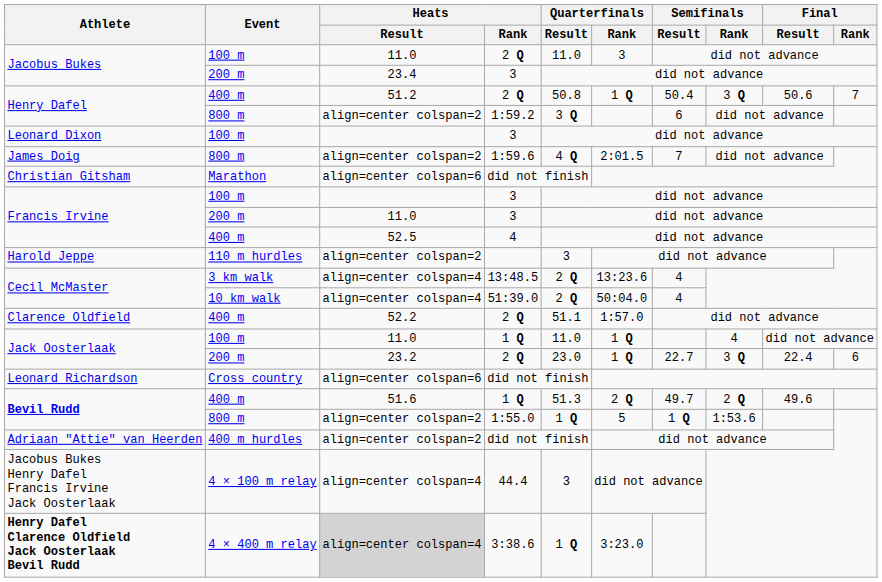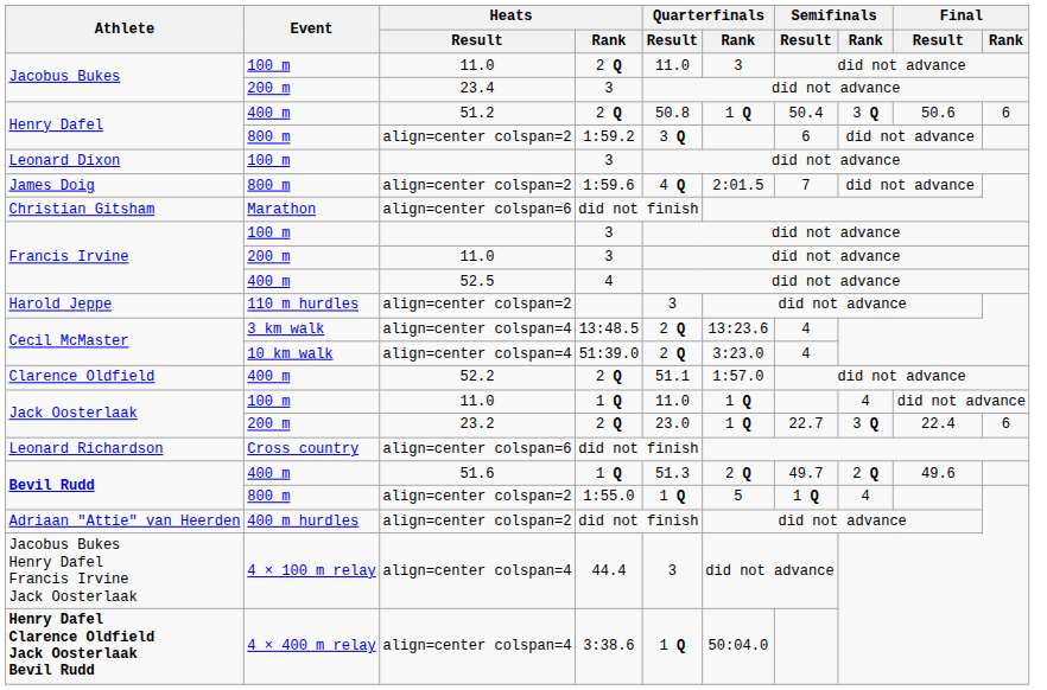 <table class=wikitable style="font-size:90%">
 <tr>
 <th rowspan=2>Athlete</th>
 <th rowspan=2>Event</th>
 <th colspan=2>Heats</th>
 <th colspan=2>Quarterfinals</th>
 <th colspan=2>Semifinals</th>
 <th colspan=2>Final</th>
 </tr>
 <tr>
 <th>Result</th>
 <th>Rank</th>
 <th>Result</th>
 <th>Rank</th>
 <th>Result</th>
 <th>Rank</th>
 <th>Result</th>
 <th>Rank</th>
 </tr>
 <tr>
 <td rowspan=2><a href='#'>Jacobus Bukes</a></td>
 <td><a href='#'>100 m</a></td>
 <td align=center>11.0</td>
 <td align=center>2 <strong>Q</strong></td>
 <td align=center>11.0</td>
 <td align=center>3</td>
 <td align=center colspan=4>did not advance</td>
 </tr>
 <tr>
 <td><a href='#'>200 m</a></td>
 <td align=center>23.4</td>
 <td align=center>3</td>
 <td align=center colspan=6>did not advance</td>
 </tr>
 <tr>
 <td rowspan=2><a href='#'>Henry Dafel</a></td>
 <td><a href='#'>400 m</a></td>
 <td align=center>51.2</td>
 <td align=center>2 <strong>Q</strong></td>
 <td align=center>50.8</td>
 <td align=center>1 <strong>Q</strong></td>
 <td align=center>50.4</td>
 <td align=center>3 <strong>Q</strong></td>
 <td align=center>50.6</td>
-<td align=center>7</td>
+<td align=center>6</td>
 </tr>
 <tr>
 <td><a href='#'>800 m</a></td>
 <td>align=center colspan=2 </td>
 <td align=center>1:59.2</td>
 <td align=center>3 <strong>Q</strong></td>
 <td align=center></td>
 <td align=center>6</td>
 <td align=center colspan=2>did not advance</td>
 </tr>
 <tr>
 <td><a href='#'>Leonard Dixon</a></td>
 <td><a href='#'>100 m</a></td>
 <td align=center></td>
 <td align=center>3</td>
 <td align=center colspan=6>did not advance</td>
 </tr>
 <tr>
 <td><a href='#'>James Doig</a></td>
 <td><a href='#'>800 m</a></td>
 <td>align=center colspan=2 </td>
 <td align=center>1:59.6</td>
 <td align=center>4 <strong>Q</strong></td>
 <td align=center>2:01.5</td>
 <td align=center>7</td>
 <td align=center colspan=2>did not advance</td>
 </tr>
 <tr>
 <td><a href='#'>Christian Gitsham</a></td>
 <td><a href='#'>Marathon</a></td>
 <td>align=center colspan=6 </td>
 <td align=center colspan=2>did not finish</td>
 </tr>
 <tr>
 <td rowspan=3><a href='#'>Francis Irvine</a></td>
 <td><a href='#'>100 m</a></td>
 <td align=center></td>
 <td align=center>3</td>
 <td align=center colspan=6>did not advance</td>
 </tr>
 <tr>
 <td><a href='#'>200 m</a></td>
 <td align=center>11.0</td>
 <td align=center>3</td>
 <td align=center colspan=6>did not advance</td>
 </tr>
 <tr>
 <td><a href='#'>400 m</a></td>
 <td align=center>52.5</td>
 <td align=center>4</td>
 <td align=center colspan=6>did not advance</td>
 </tr>
 <tr>
 <td><a href='#'>Harold Jeppe</a></td>
 <td><a href='#'>110 m hurdles</a></td>
 <td>align=center colspan=2 </td>
 <td align=center></td>
 <td align=center>3</td>
 <td align=center colspan=4>did not advance</td>
 </tr>
 <tr>
 <td rowspan=2><a href='#'>Cecil McMaster</a></td>
 <td><a href='#'>3 km walk</a></td>
 <td>align=center colspan=4 </td>
 <td align=center>13:48.5</td>
 <td align=center>2 <strong>Q</strong></td>
 <td align=center>13:23.6</td>
 <td align=center>4</td>
 </tr>
 <tr>
 <td><a href='#'>10 km walk</a></td>
 <td>align=center colspan=4 </td>
 <td align=center>51:39.0</td>
 <td align=center>2 <strong>Q</strong></td>
-<td align=center>50:04.0</td>
+<td align=center>3:23.0</td>
 <td align=center>4</td>
 </tr>
 <tr>
 <td><a href='#'>Clarence Oldfield</a></td>
 <td><a href='#'>400 m</a></td>
 <td align=center>52.2</td>
 <td align=center>2 <strong>Q</strong></td>
 <td align=center>51.1</td>
 <td align=center>1:57.0</td>
 <td align=center colspan=4>did not advance</td>
 </tr>
 <tr>
 <td rowspan=2><a href='#'>Jack Oosterlaak</a></td>
 <td><a href='#'>100 m</a></td>
 <td align=center>11.0</td>
 <td align=center>1 <strong>Q</strong></td>
 <td align=center>11.0</td>
 <td align=center>1 <strong>Q</strong></td>
 <td align=center></td>
 <td align=center>4</td>
 <td align=center colspan=2>did not advance</td>
 </tr>
 <tr>
 <td><a href='#'>200 m</a></td>
 <td align=center>23.2</td>
 <td align=center>2 <strong>Q</strong></td>
 <td align=center>23.0</td>
 <td align=center>1 <strong>Q</strong></td>
 <td align=center>22.7</td>
 <td align=center>3 <strong>Q</strong></td>
 <td align=center>22.4</td>
 <td align=center>6</td>
 </tr>
 <tr>
 <td><a href='#'>Leonard Richardson</a></td>
 <td><a href='#'>Cross country</a></td>
 <td>align=center colspan=6 </td>
 <td align=center colspan=2>did not finish</td>
 </tr>
 <tr>
 <td rowspan=2><strong><a href='#'>Bevil Rudd</a></strong></td>
 <td><a href='#'>400 m</a></td>
 <td align=center>51.6</td>
 <td align=center>1 <strong>Q</strong></td>
 <td align=center>51.3</td>
 <td align=center>2 <strong>Q</strong></td>
 <td align=center>49.7</td>
 <td align=center>2 <strong>Q</strong></td>
 <td align=center>49.6</td>
 <td align=center></td>
 </tr>
 <tr>
 <td><a href='#'>800 m</a></td>
 <td>align=center colspan=2 </td>
 <td align=center>1:55.0</td>
 <td align=center>1 <strong>Q</strong></td>
 <td align=center>5</td>
 <td align=center>1 <strong>Q</strong></td>
-<td align=center>1:53.6</td>
+<td align=center>4</td>
 <td align=center></td>
 </tr>
 <tr>
 <td><a href='#'>Adriaan "Attie" van Heerden</a></td>
 <td><a href='#'>400 m hurdles</a></td>
 <td>align=center colspan=2 </td>
 <td align=center colspan=2>did not finish</td>
 <td align=center colspan=4>did not advance</td>
 </tr>
 <tr>
 <td>Jacobus Bukes <br> Henry Dafel <br> Francis Irvine <br> Jack Oosterlaak</td>
 <td><a href='#'>4 × 100 m relay</a></td>
 <td>align=center colspan=4 </td>
 <td align=center>44.4</td>
 <td align=center>3</td>
 <td align=center colspan=2>did not advance</td>
 </tr>
 <tr>
 <td><strong>Henry Dafel <br> Clarence Oldfield <br> Jack Oosterlaak <br> Bevil Rudd</strong></td>
 <td><a href='#'>4 × 400 m relay</a></td>
-<td style="background: lightgrey;">align=center colspan=4 </td>
+<td>align=center colspan=4 </td>
 <td align=center>3:38.6</td>
 <td align=center>1 <strong>Q</strong></td>
-<td align=center>3:23.0</td>
+<td align=center>50:04.0</td>
 <td align=center></td>
 </tr>
 </table>
